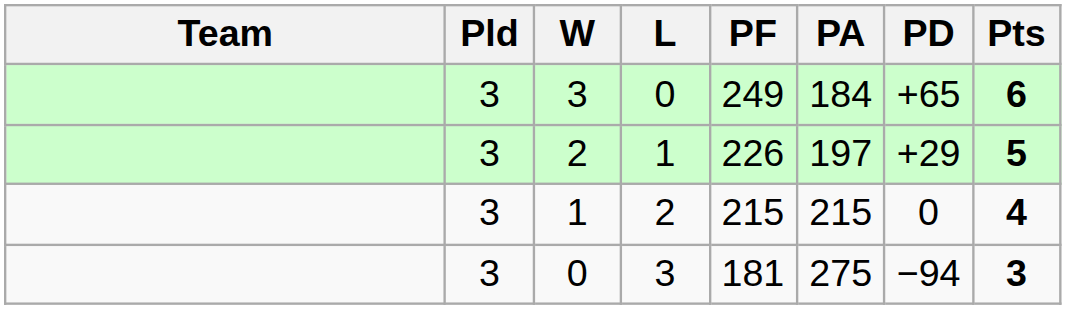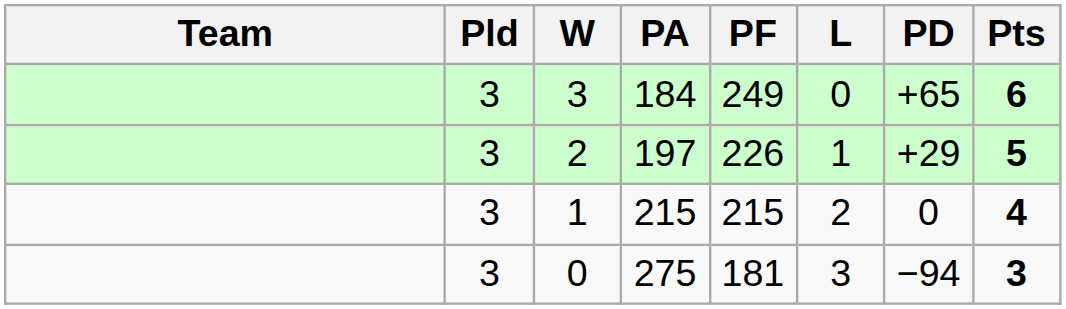 <table class=wikitable style="text-align:center">
 <tr>
 <th width=180>Team</th>
 <th width=30>Pld</th>
 <th width=30>W</th>
+<th width=30>PA</th>
+<th width=30>PF</th>
 <th width=30>L</th>
-<th width=30>PF</th>
-<th width=30>PA</th>
 <th width=30>PD</th>
 <th width=30>Pts</th>
 </tr>
 <tr bgcolor="#ccffcc">
 <td align="left"></td>
 <td>3</td>
 <td>3</td>
+<td>184</td>
+<td>249</td>
 <td>0</td>
-<td>249</td>
-<td>184</td>
 <td>+65</td>
 <td><strong>6</strong></td>
 </tr>
 <tr bgcolor="#ccffcc">
 <td align="left"></td>
 <td>3</td>
 <td>2</td>
+<td>197</td>
+<td>226</td>
 <td>1</td>
-<td>226</td>
-<td>197</td>
 <td>+29</td>
 <td><strong>5</strong></td>
 </tr>
 <tr>
 <td align="left"></td>
 <td>3</td>
 <td>1</td>
-<td>2</td>
 <td>215</td>
 <td>215</td>
+<td>2</td>
 <td>0</td>
 <td><strong>4</strong></td>
 </tr>
 <tr>
 <td align="left"></td>
 <td>3</td>
 <td>0</td>
+<td>275</td>
+<td>181</td>
 <td>3</td>
-<td>181</td>
-<td>275</td>
 <td>−94</td>
 <td><strong>3</strong></td>
 </tr>
 </table>
